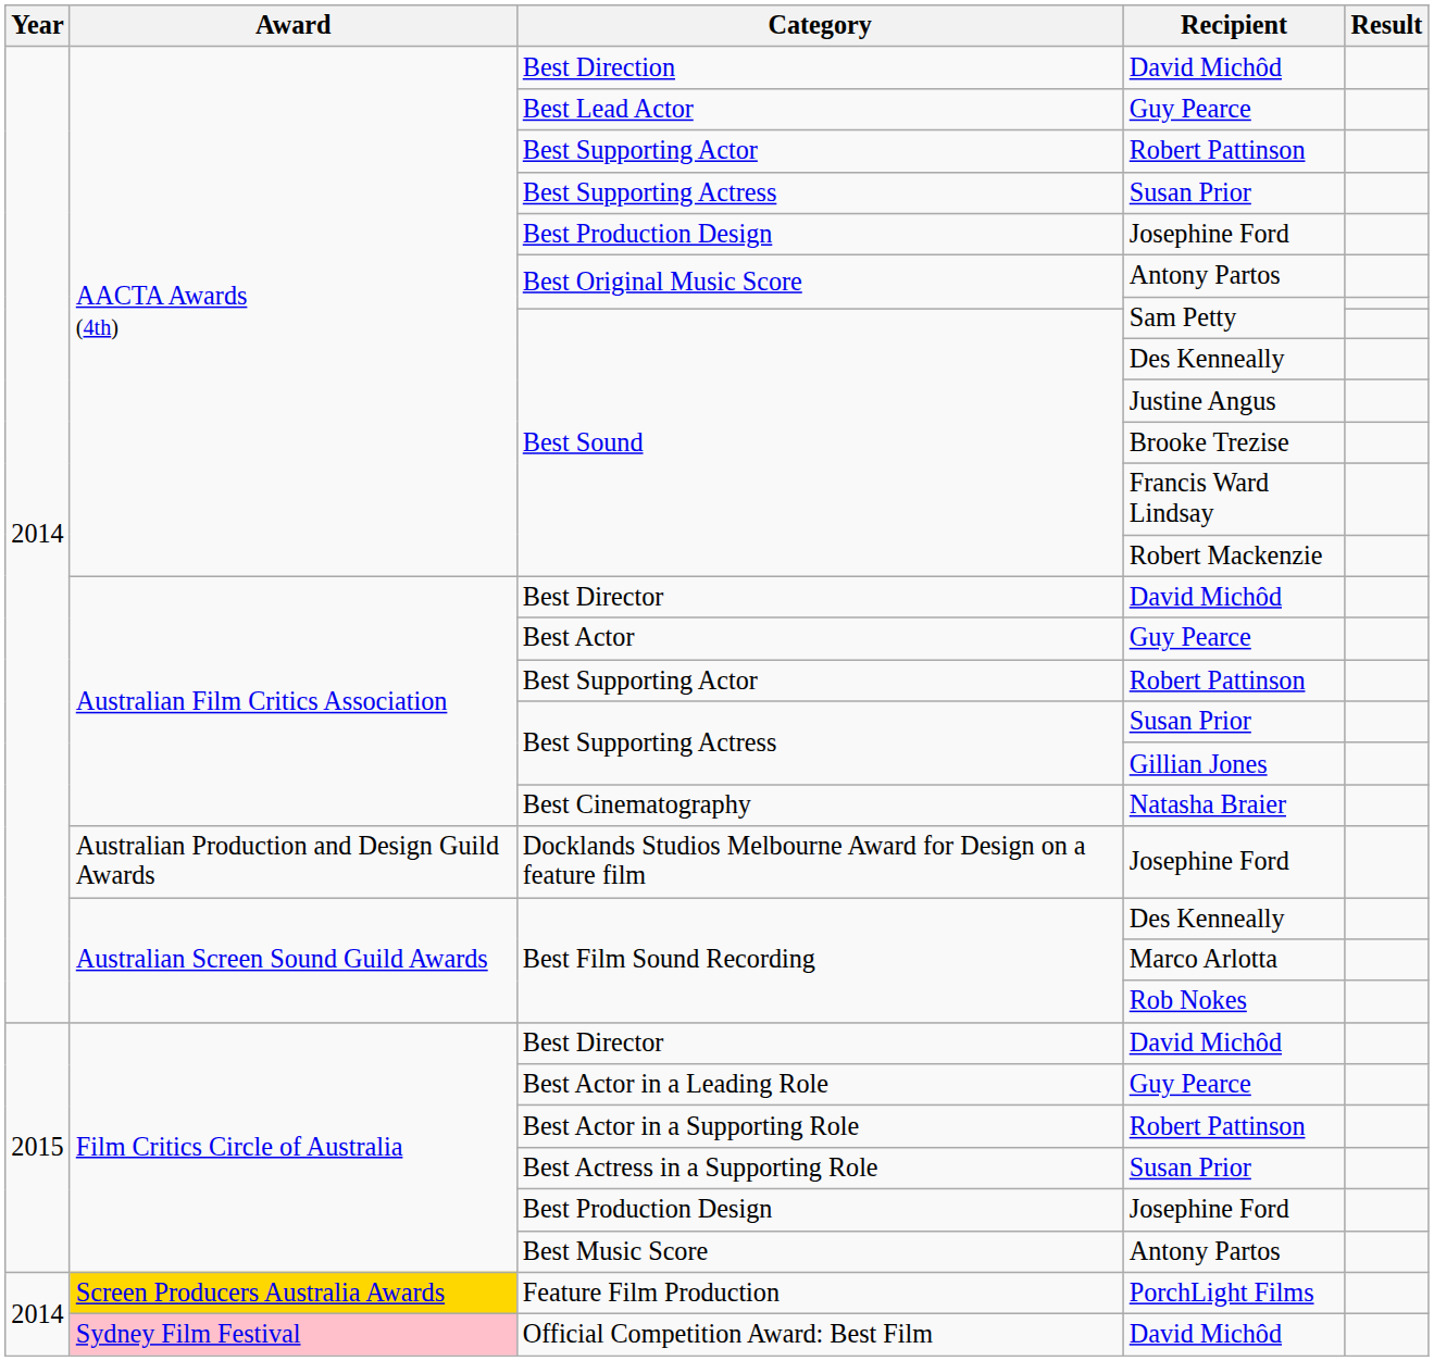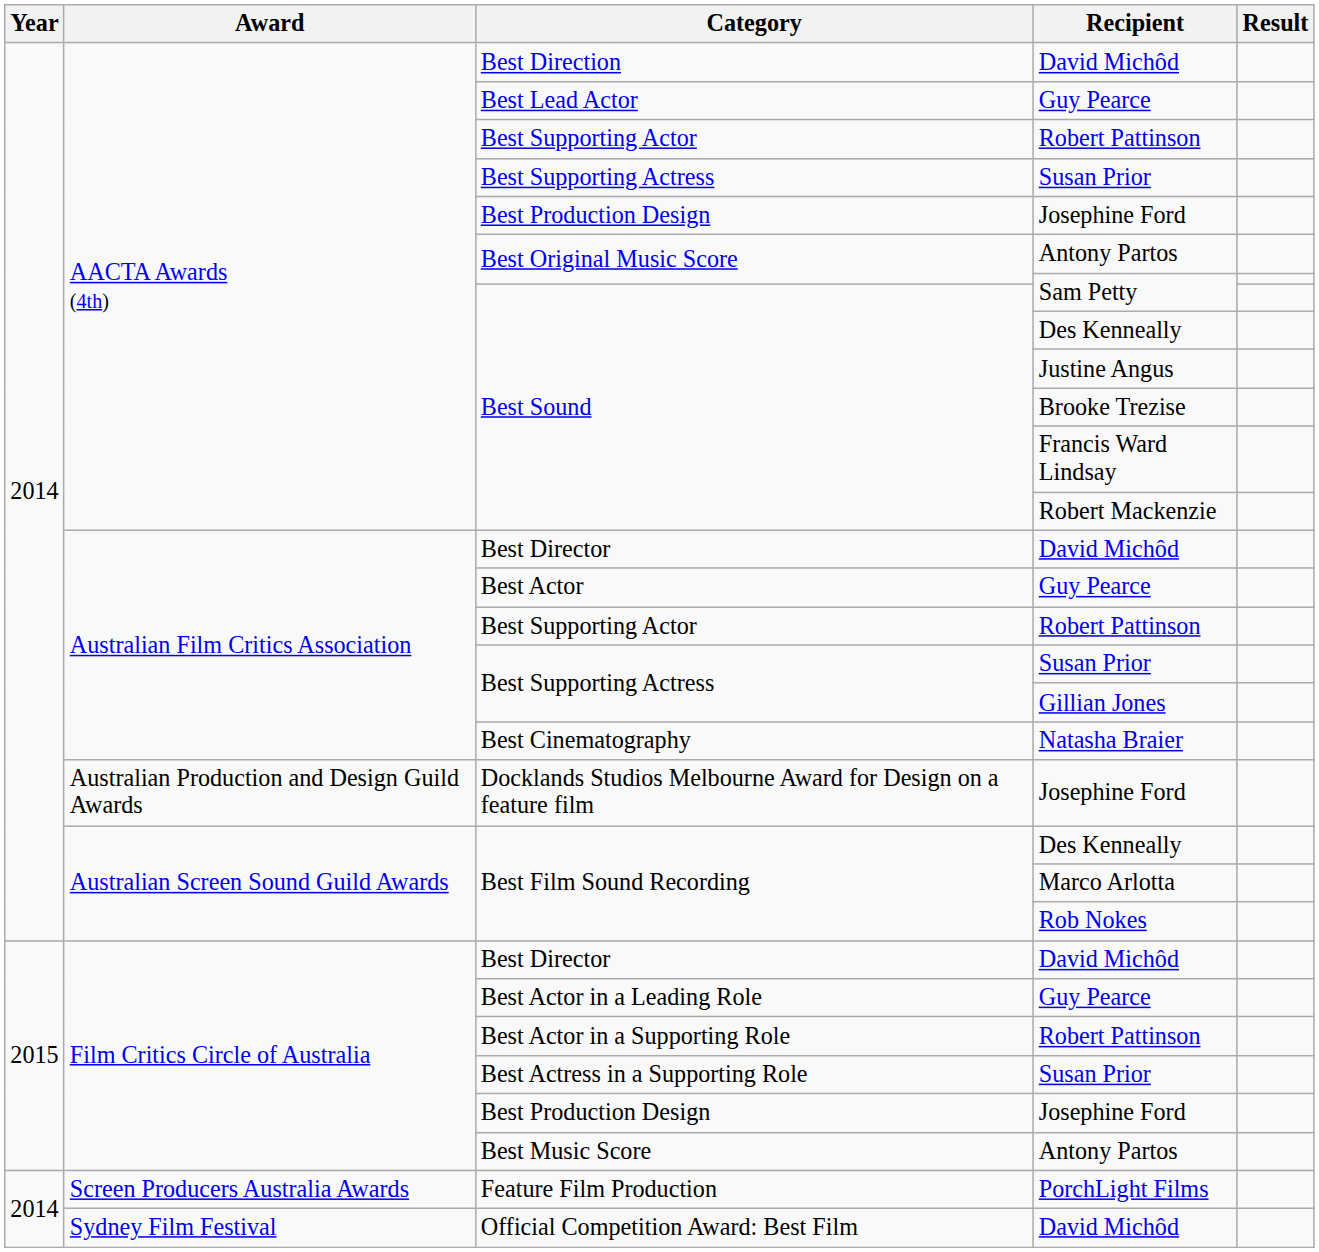 <table class="wikitable sortable">
 <tr>
 <th>Year</th>
 <th>Award</th>
 <th>Category</th>
 <th>Recipient</th>
 <th>Result</th>
 </tr>
 <tr>
 <td rowspan="23">2014</td>
 <td rowspan="13"><a href='#'>AACTA Awards</a><br><small>(<a href='#'>4th</a>)</small></td>
 <td><a href='#'>Best Direction</a></td>
 <td><a href='#'>David Michôd</a></td>
 <td></td>
 </tr>
 <tr>
 <td><a href='#'>Best Lead Actor</a></td>
 <td><a href='#'>Guy Pearce</a></td>
 <td></td>
 </tr>
 <tr>
 <td><a href='#'>Best Supporting Actor</a></td>
 <td><a href='#'>Robert Pattinson</a></td>
 <td></td>
 </tr>
 <tr>
 <td><a href='#'>Best Supporting Actress</a></td>
 <td><a href='#'>Susan Prior</a></td>
 <td></td>
 </tr>
 <tr>
 <td><a href='#'>Best Production Design</a></td>
 <td>Josephine Ford</td>
 <td></td>
 </tr>
 <tr>
 <td rowspan="2"><a href='#'>Best Original Music Score</a></td>
 <td>Antony Partos</td>
 <td></td>
 </tr>
 <tr>
 <td rowspan=2>Sam Petty</td>
 <td></td>
 </tr>
 <tr>
 <td rowspan="6"><a href='#'>Best Sound</a></td>
 <td></td>
 </tr>
 <tr>
 <td>Des Kenneally</td>
 <td></td>
 </tr>
 <tr>
 <td>Justine Angus</td>
 <td></td>
 </tr>
 <tr>
 <td>Brooke Trezise</td>
 <td></td>
 </tr>
 <tr>
 <td>Francis Ward Lindsay</td>
 <td></td>
 </tr>
 <tr>
 <td>Robert Mackenzie</td>
 <td></td>
 </tr>
 <tr>
 <td rowspan="6"><a href='#'>Australian Film Critics Association</a></td>
 <td>Best Director</td>
 <td><a href='#'>David Michôd</a></td>
 <td></td>
 </tr>
 <tr>
 <td>Best Actor</td>
 <td><a href='#'>Guy Pearce</a></td>
 <td></td>
 </tr>
 <tr>
 <td>Best Supporting Actor</td>
 <td><a href='#'>Robert Pattinson</a></td>
 <td></td>
 </tr>
 <tr>
 <td rowspan="2">Best Supporting Actress</td>
 <td><a href='#'>Susan Prior</a></td>
 <td></td>
 </tr>
 <tr>
 <td><a href='#'>Gillian Jones</a></td>
 <td></td>
 </tr>
 <tr>
 <td>Best Cinematography</td>
 <td><a href='#'>Natasha Braier</a></td>
 <td></td>
 </tr>
 <tr>
 <td>Australian Production and Design Guild Awards</td>
 <td>Docklands Studios Melbourne Award for Design on a feature film</td>
 <td>Josephine Ford</td>
 <td></td>
 </tr>
 <tr>
 <td rowspan="3"><a href='#'>Australian Screen Sound Guild Awards</a></td>
 <td rowspan="3">Best Film Sound Recording</td>
 <td>Des Kenneally</td>
 <td></td>
 </tr>
 <tr>
 <td>Marco Arlotta</td>
 <td></td>
 </tr>
 <tr>
 <td><a href='#'>Rob Nokes</a></td>
 <td></td>
 </tr>
 <tr>
 <td rowspan="6">2015</td>
 <td rowspan="6"><a href='#'>Film Critics Circle of Australia</a></td>
 <td>Best Director</td>
 <td><a href='#'>David Michôd</a></td>
 <td></td>
 </tr>
 <tr>
 <td>Best Actor in a Leading Role</td>
 <td><a href='#'>Guy Pearce</a></td>
 <td></td>
 </tr>
 <tr>
 <td>Best Actor in a Supporting Role</td>
 <td><a href='#'>Robert Pattinson</a></td>
 <td></td>
 </tr>
 <tr>
 <td>Best Actress in a Supporting Role</td>
 <td><a href='#'>Susan Prior</a></td>
 <td></td>
 </tr>
 <tr>
 <td>Best Production Design</td>
 <td>Josephine Ford</td>
 <td></td>
 </tr>
 <tr>
 <td>Best Music Score</td>
 <td>Antony Partos</td>
 <td></td>
 </tr>
 <tr>
 <td rowspan="2">2014</td>
-<td style="background: gold;"><a href='#'>Screen Producers Australia Awards</a></td>
+<td><a href='#'>Screen Producers Australia Awards</a></td>
 <td>Feature Film Production</td>
 <td><a href='#'>PorchLight Films</a></td>
 <td></td>
 </tr>
 <tr>
-<td style="background: pink;"><a href='#'>Sydney Film Festival</a></td>
+<td><a href='#'>Sydney Film Festival</a></td>
 <td>Official Competition Award: Best Film</td>
 <td><a href='#'>David Michôd</a></td>
 <td></td>
 </tr>
 </table>
